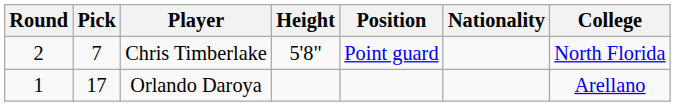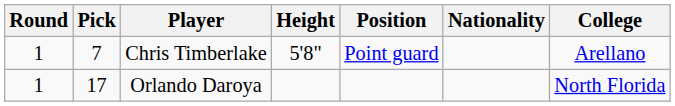 <table class="wikitable sortable sortable">
 <tr>
 <th>Round</th>
 <th>Pick</th>
 <th>Player</th>
 <th>Height</th>
 <th>Position</th>
 <th>Nationality</th>
 <th>College</th>
 </tr>
 <tr style="text-align: center">
-<td>2</td>
+<td>1</td>
 <td>7</td>
 <td>Chris Timberlake</td>
 <td>5'8"</td>
 <td><a href='#'>Point guard</a></td>
 <td></td>
-<td><a href='#'>North Florida</a></td>
+<td><a href='#'>Arellano</a></td>
 </tr>
 <tr style="text-align: center">
 <td>1</td>
 <td>17</td>
 <td>Orlando Daroya</td>
 <td></td>
 <td></td>
 <td></td>
-<td><a href='#'>Arellano</a></td>
+<td><a href='#'>North Florida</a></td>
 </tr>
 </table>
